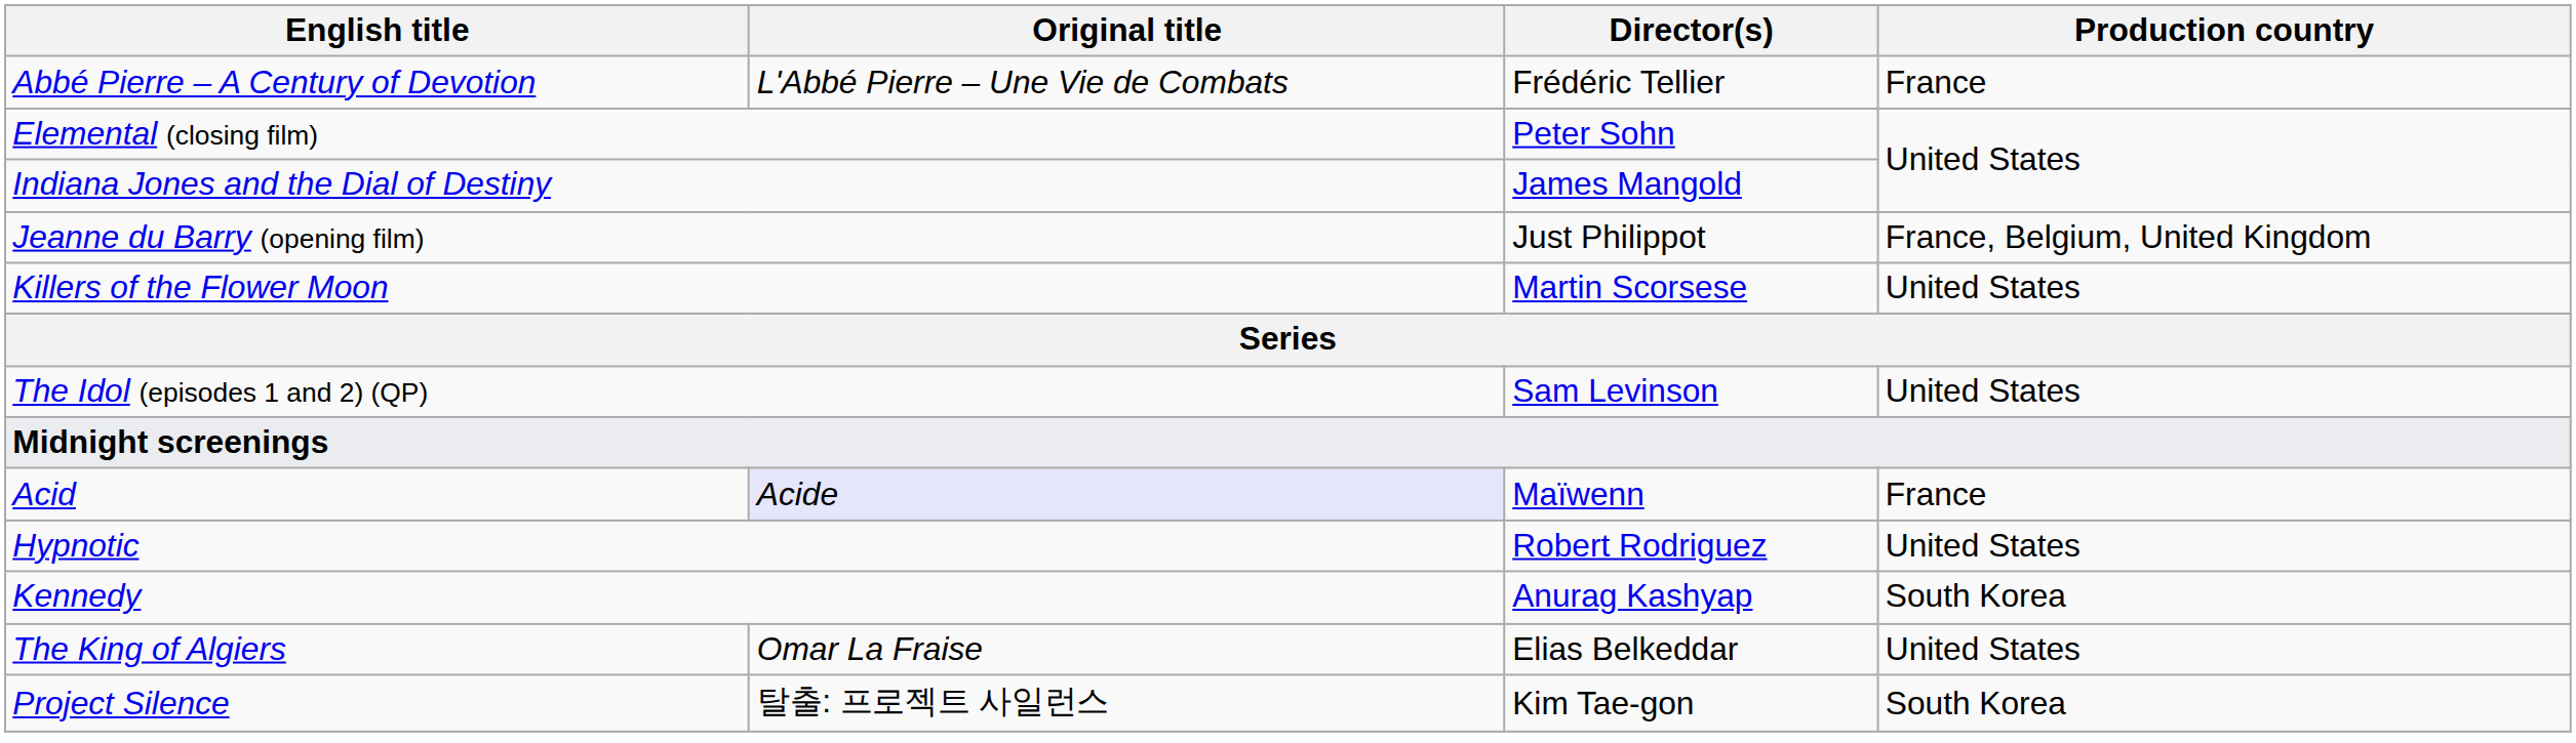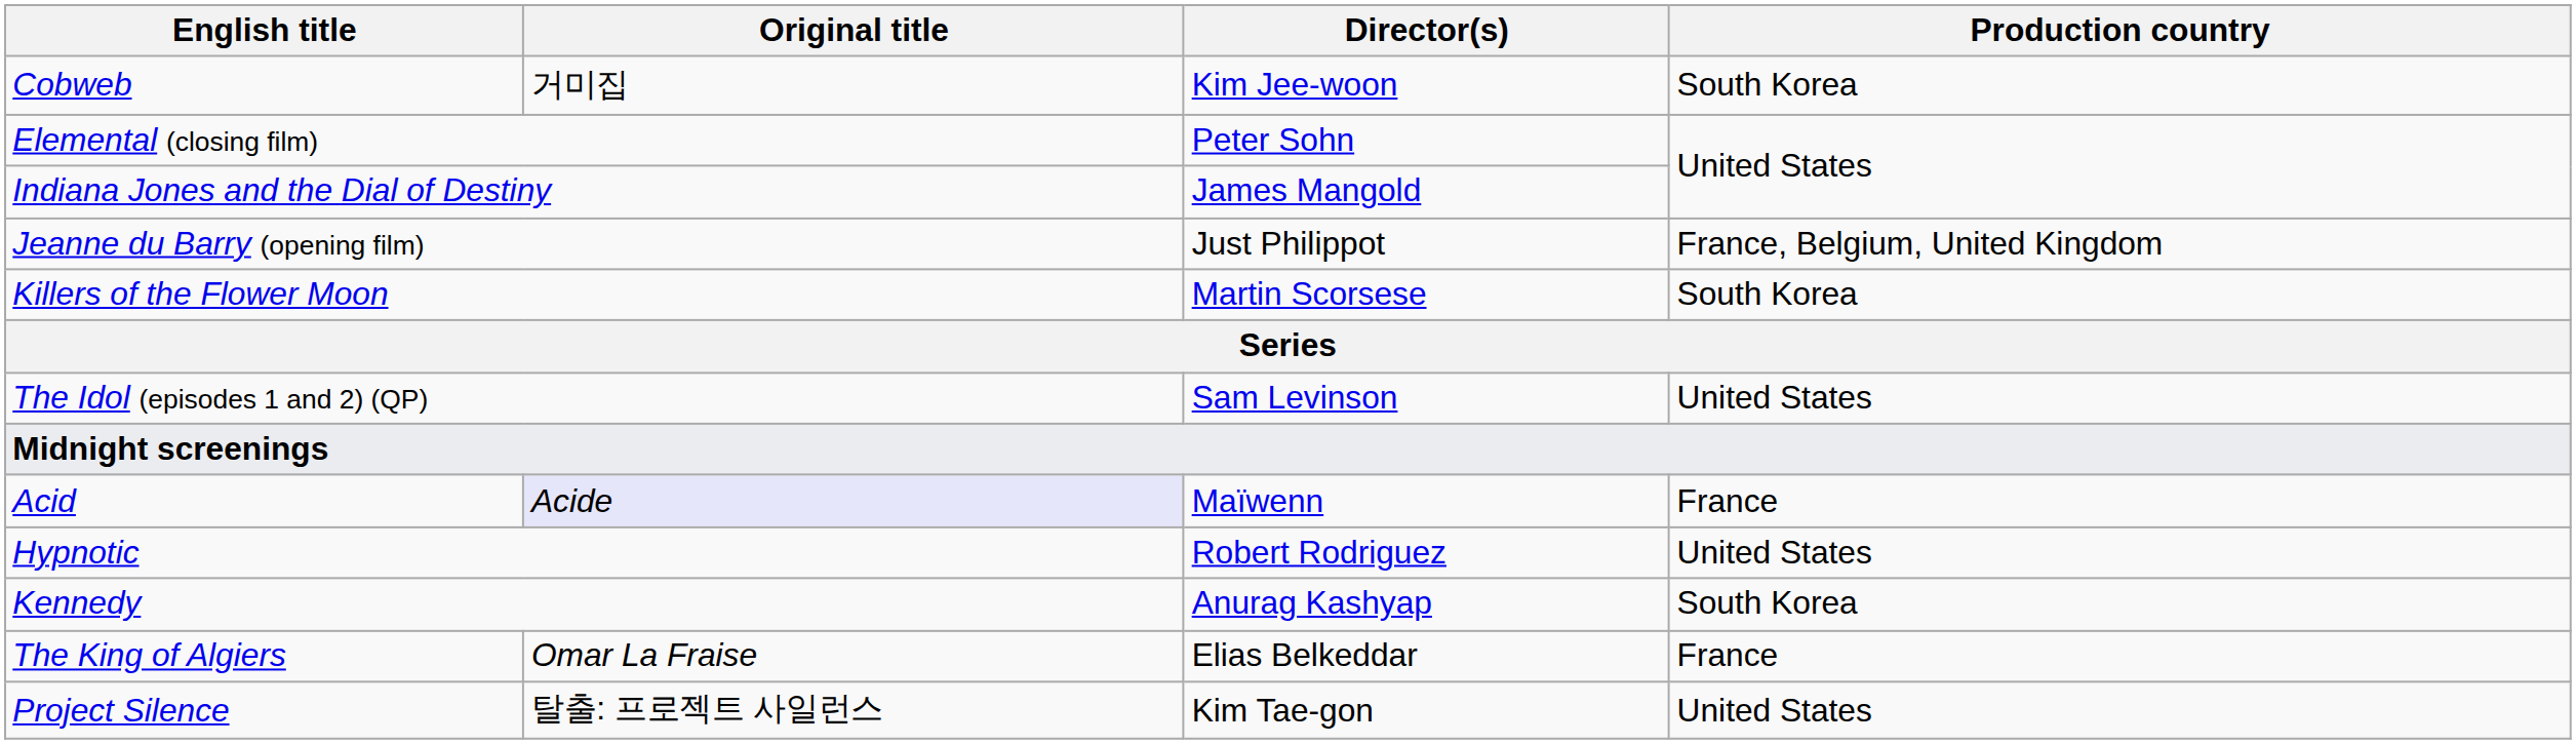 <table class="wikitable" style="width:100%; margin-bottom:4px">
 <tr>
 <th scope="col">English title</th>
 <th scope="col">Original title</th>
 <th scope="col">Director(s)</th>
 <th scope="col">Production country</th>
 </tr>
 <tr>
-<td><em><a href='#'>Abbé Pierre – A Century of Devotion</a></em></td>
-<td><em>L'Abbé Pierre – Une Vie de Combats</em></td>
-<td>Frédéric Tellier</td>
-<td>France</td>
+<td><em><a href='#'>Cobweb</a></em></td>
+<td>거미집</td>
+<td><a href='#'>Kim Jee-woon</a></td>
+<td>South Korea</td>
 </tr>
 <tr>
 <td colspan="2"><em><a href='#'>Elemental</a></em> <small>(closing film)</small></td>
 <td><a href='#'>Peter Sohn</a></td>
 <td rowspan="2">United States</td>
 </tr>
 <tr>
 <td colspan="2"><em><a href='#'>Indiana Jones and the Dial of Destiny</a></em></td>
 <td><a href='#'>James Mangold</a></td>
 </tr>
 <tr>
 <td colspan="2"><em><a href='#'>Jeanne du Barry</a></em> <small>(opening film)</small></td>
 <td>Just Philippot</td>
 <td>France, Belgium, United Kingdom</td>
 </tr>
 <tr>
 <td colspan="2"><em><a href='#'>Killers of the Flower Moon</a></em></td>
 <td><a href='#'>Martin Scorsese</a></td>
-<td>United States</td>
+<td>South Korea</td>
 </tr>
 <tr>
 <th colspan="4">Series</th>
 </tr>
 <tr>
 <td colspan="2"><em><a href='#'>The Idol</a></em> <small>(episodes 1 and 2) (QP)</small></td>
 <td><a href='#'>Sam Levinson</a></td>
 <td>United States</td>
 </tr>
 <tr>
 <td colspan=4 class="center" style="padding-center:120px; background-color:#EAECF0"><strong>Midnight screenings</strong></td>
 </tr>
 <tr>
 <td><em><a href='#'>Acid</a></em></td>
 <td style="background: lavender;"><em>Acide</em></td>
 <td><a href='#'>Maïwenn</a></td>
 <td>France</td>
 </tr>
 <tr>
 <td colspan="2"><em><a href='#'>Hypnotic</a></em></td>
 <td><a href='#'>Robert Rodriguez</a></td>
 <td>United States</td>
 </tr>
 <tr>
 <td colspan="2"><em><a href='#'>Kennedy</a></em></td>
 <td><a href='#'>Anurag Kashyap</a></td>
 <td>South Korea</td>
 </tr>
 <tr>
 <td><em><a href='#'>The King of Algiers</a></em></td>
 <td><em>Omar La Fraise</em></td>
 <td>Elias Belkeddar</td>
-<td>United States</td>
+<td>France</td>
 </tr>
 <tr>
 <td><em><a href='#'>Project Silence</a></em></td>
 <td>탈출: 프로젝트 사일런스</td>
 <td>Kim Tae-gon</td>
-<td>South Korea</td>
+<td>United States</td>
 </tr>
 </table>
